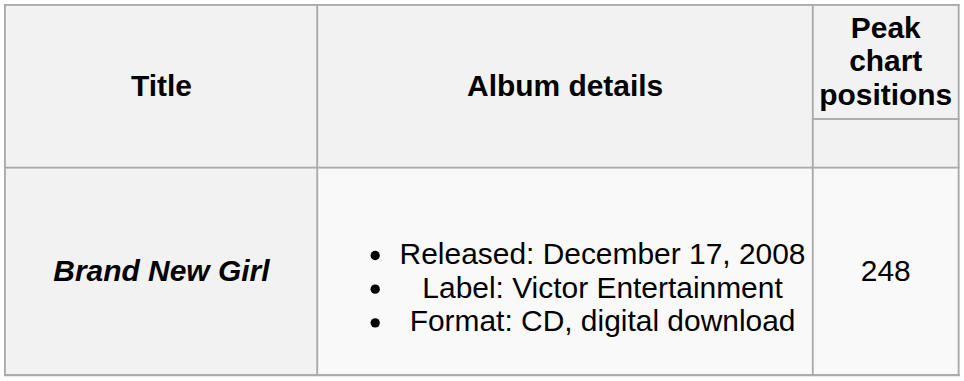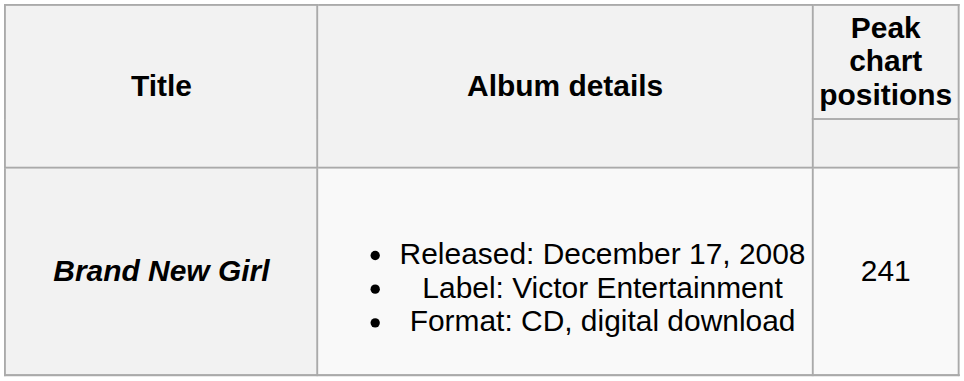 <table class="wikitable plainrowheaders" style="text-align:center;">
 <tr>
 <th scope="col" rowspan="2" style="width:10em;">Title</th>
 <th scope="col" rowspan="2">Album details</th>
 <th colspan="1" scope="col">Peak chart positions</th>
 </tr>
 <tr>
 <th style="width:3em"><br></th>
 </tr>
 <tr>
 <th scope="row"><em>Brand New Girl</em></th>
 <td><br><ul><li>Released: December 17, 2008 </li><li>Label: Victor Entertainment</li><li>Format: CD, digital download</li></ul></td>
-<td>248</td>
+<td>241</td>
 </tr>
 <tr>
 </tr>
 </table>
